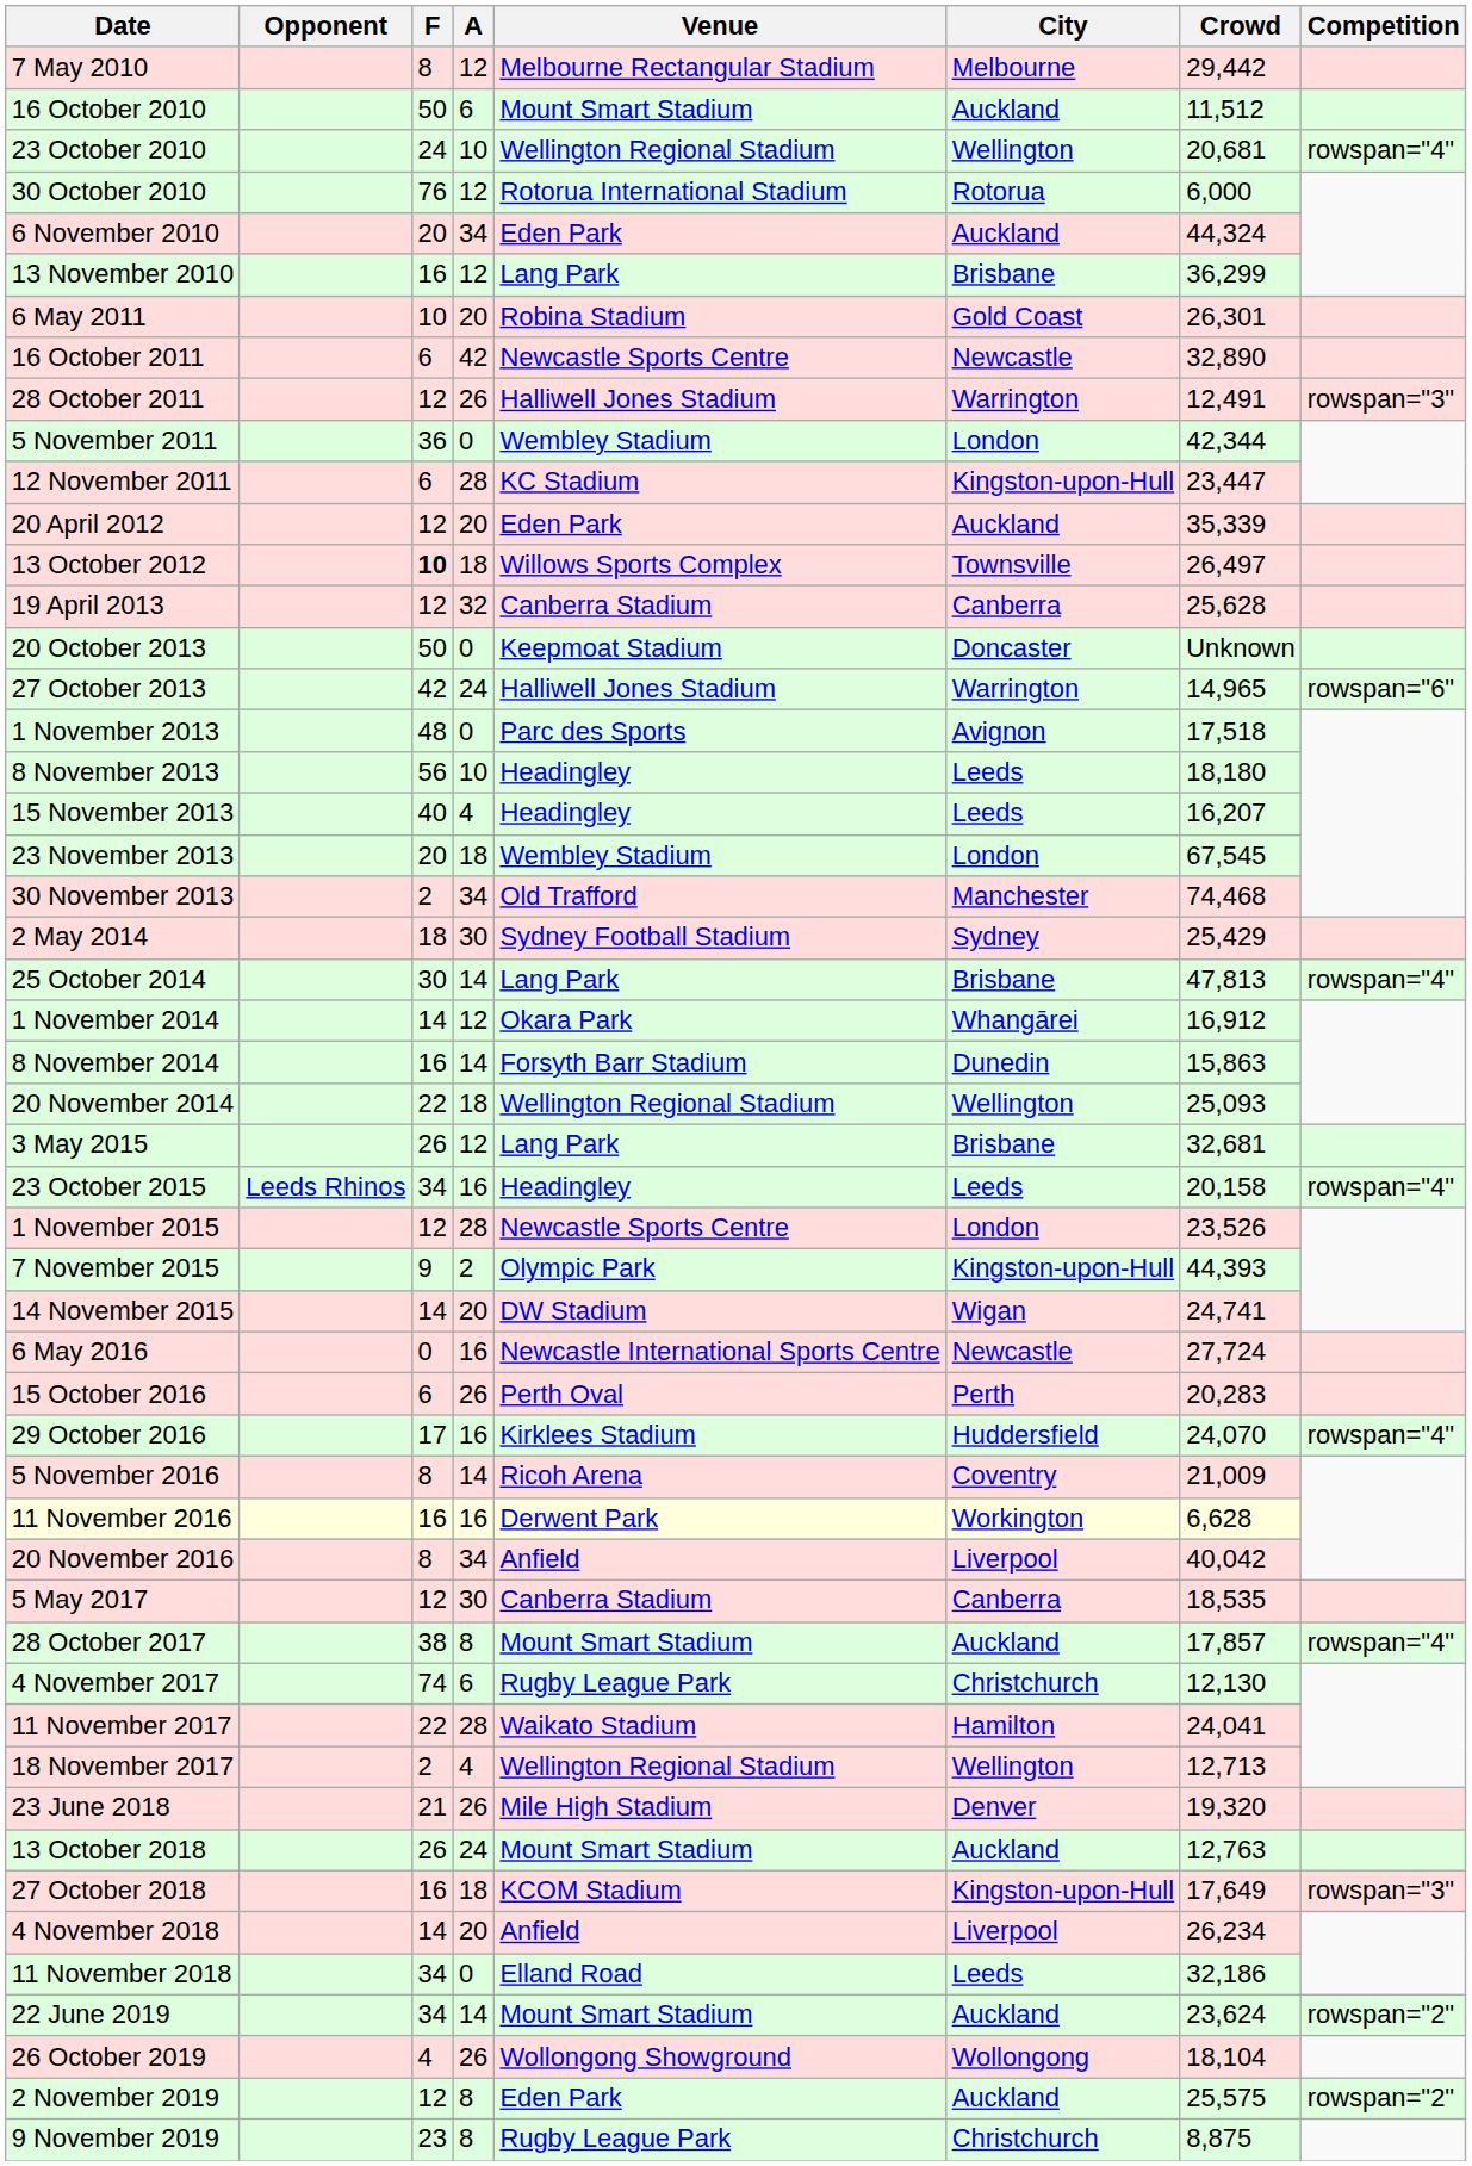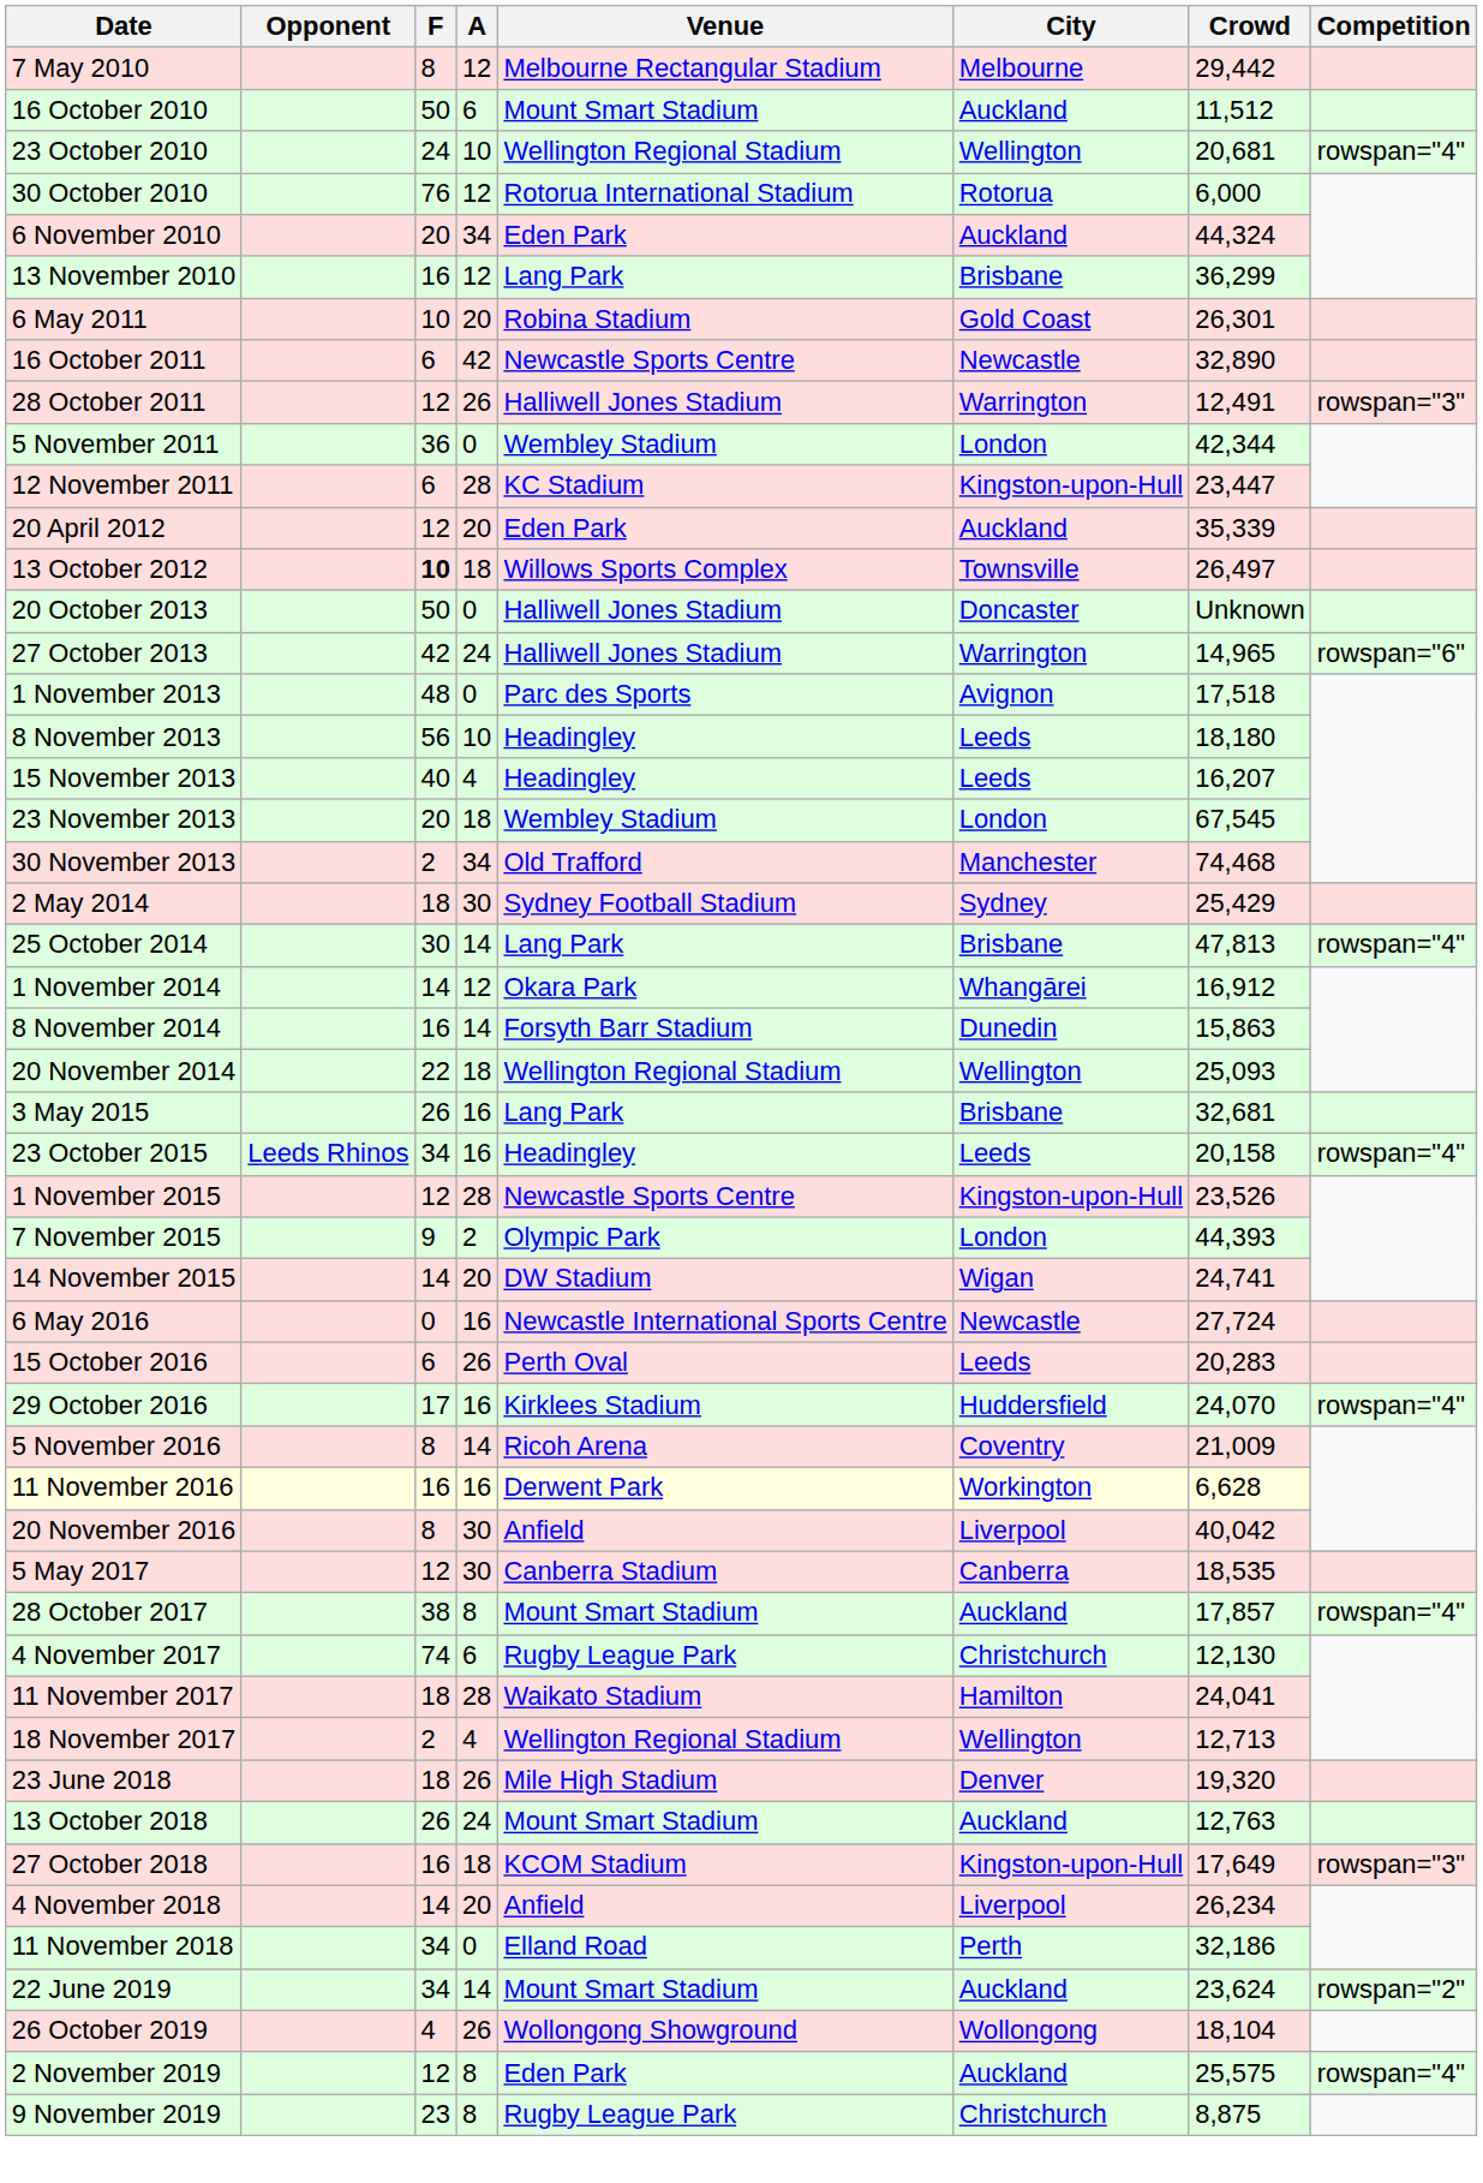 <table class="wikitable sortable">
 <tr>
 <th>Date</th>
 <th>Opponent</th>
 <th>F</th>
 <th>A</th>
 <th>Venue</th>
 <th>City</th>
 <th>Crowd</th>
 <th>Competition</th>
 </tr>
 <tr style="background:#ffdddd;">
 <td>7 May 2010</td>
 <td></td>
 <td>8</td>
 <td>12</td>
 <td><a href='#'>Melbourne Rectangular Stadium</a></td>
 <td><a href='#'>Melbourne</a></td>
 <td>29,442</td>
 <td></td>
 </tr>
 <tr style="background:#ddffdd;">
 <td>16 October 2010</td>
 <td></td>
 <td>50</td>
 <td>6</td>
 <td><a href='#'>Mount Smart Stadium</a></td>
 <td><a href='#'>Auckland</a></td>
 <td>11,512</td>
 <td></td>
 </tr>
 <tr style="background:#ddffdd;">
 <td>23 October 2010</td>
 <td></td>
 <td>24</td>
 <td>10</td>
 <td><a href='#'>Wellington Regional Stadium</a></td>
 <td><a href='#'>Wellington</a></td>
 <td>20,681</td>
 <td>rowspan="4" </td>
 </tr>
 <tr style="background:#ddffdd;">
 <td>30 October 2010</td>
 <td></td>
 <td>76</td>
 <td>12</td>
 <td><a href='#'>Rotorua International Stadium</a></td>
 <td><a href='#'>Rotorua</a></td>
 <td>6,000</td>
 </tr>
 <tr style="background:#ffdddd;">
 <td>6 November 2010</td>
 <td></td>
 <td>20</td>
 <td>34</td>
 <td><a href='#'>Eden Park</a></td>
 <td><a href='#'>Auckland</a></td>
 <td>44,324</td>
 </tr>
 <tr style="background:#ddffdd;">
 <td>13 November 2010</td>
 <td></td>
 <td>16</td>
 <td>12</td>
 <td><a href='#'>Lang Park</a></td>
 <td><a href='#'>Brisbane</a></td>
 <td>36,299</td>
 </tr>
 <tr style="background:#ffdddd;">
 <td>6 May 2011</td>
 <td></td>
 <td>10</td>
 <td>20</td>
 <td><a href='#'>Robina Stadium</a></td>
 <td><a href='#'>Gold Coast</a></td>
 <td>26,301</td>
 <td></td>
 </tr>
 <tr style="background:#ffdddd;">
 <td>16 October 2011</td>
 <td></td>
 <td>6</td>
 <td>42</td>
 <td><a href='#'>Newcastle Sports Centre</a></td>
 <td><a href='#'>Newcastle</a></td>
 <td>32,890</td>
 <td></td>
 </tr>
 <tr style="background:#ffdddd;">
 <td>28 October 2011</td>
 <td></td>
 <td>12</td>
 <td>26</td>
 <td><a href='#'>Halliwell Jones Stadium</a></td>
 <td><a href='#'>Warrington</a></td>
 <td>12,491</td>
 <td>rowspan="3" </td>
 </tr>
 <tr style="background:#ddffdd;">
 <td>5 November 2011</td>
 <td></td>
 <td>36</td>
 <td>0</td>
 <td><a href='#'>Wembley Stadium</a></td>
 <td><a href='#'>London</a></td>
 <td>42,344</td>
 </tr>
 <tr style="background:#ffdddd;">
 <td>12 November 2011</td>
 <td></td>
 <td>6</td>
 <td>28</td>
 <td><a href='#'>KC Stadium</a></td>
 <td><a href='#'>Kingston-upon-Hull</a></td>
 <td>23,447</td>
 </tr>
 <tr style="background:#ffdddd;">
 <td>20 April 2012</td>
 <td></td>
 <td>12</td>
 <td>20</td>
 <td><a href='#'>Eden Park</a></td>
 <td><a href='#'>Auckland</a></td>
 <td>35,339</td>
 <td></td>
 </tr>
 <tr style="background:#ffdddd;">
 <td>13 October 2012</td>
 <td></td>
 <td><strong>10</strong></td>
 <td>18</td>
 <td><a href='#'>Willows Sports Complex</a></td>
 <td><a href='#'>Townsville</a></td>
 <td>26,497</td>
 <td></td>
 </tr>
-<tr style="background:#ffdddd;">
-<td>19 April 2013</td>
-<td></td>
-<td>12</td>
-<td>32</td>
-<td><a href='#'>Canberra Stadium</a></td>
-<td><a href='#'>Canberra</a></td>
-<td>25,628</td>
-<td></td>
-</tr>
 <tr style="background:#ddffdd;">
 <td>20 October 2013</td>
 <td></td>
 <td>50</td>
 <td>0</td>
-<td><a href='#'>Keepmoat Stadium</a></td>
+<td><a href='#'>Halliwell Jones Stadium</a></td>
 <td><a href='#'>Doncaster</a></td>
 <td>Unknown</td>
 <td></td>
 </tr>
 <tr style="background:#ddffdd;">
 <td>27 October 2013</td>
 <td></td>
 <td>42</td>
 <td>24</td>
 <td><a href='#'>Halliwell Jones Stadium</a></td>
 <td><a href='#'>Warrington</a></td>
 <td>14,965</td>
 <td>rowspan="6" </td>
 </tr>
 <tr style="background:#ddffdd;">
 <td>1 November 2013</td>
 <td></td>
 <td>48</td>
 <td>0</td>
 <td><a href='#'>Parc des Sports</a></td>
 <td><a href='#'>Avignon</a></td>
 <td>17,518</td>
 </tr>
 <tr style="background:#ddffdd;">
 <td>8 November 2013</td>
 <td></td>
 <td>56</td>
 <td>10</td>
 <td><a href='#'>Headingley</a></td>
 <td><a href='#'>Leeds</a></td>
 <td>18,180</td>
 </tr>
 <tr style="background:#ddffdd;">
 <td>15 November 2013</td>
 <td></td>
 <td>40</td>
 <td>4</td>
 <td><a href='#'>Headingley</a></td>
 <td><a href='#'>Leeds</a></td>
 <td>16,207</td>
 </tr>
 <tr style="background:#ddffdd;">
 <td>23 November 2013</td>
 <td></td>
 <td>20</td>
 <td>18</td>
 <td><a href='#'>Wembley Stadium</a></td>
 <td><a href='#'>London</a></td>
 <td>67,545</td>
 </tr>
 <tr style="background:#ffdddd;">
 <td>30 November 2013</td>
 <td></td>
 <td>2</td>
 <td>34</td>
 <td><a href='#'>Old Trafford</a></td>
 <td><a href='#'>Manchester</a></td>
 <td>74,468</td>
 </tr>
 <tr style="background:#ffdddd">
 <td>2 May 2014</td>
 <td></td>
 <td>18</td>
 <td>30</td>
 <td><a href='#'>Sydney Football Stadium</a></td>
 <td><a href='#'>Sydney</a></td>
 <td>25,429</td>
 <td></td>
 </tr>
 <tr style="background:#ddffdd;">
 <td>25 October 2014</td>
 <td></td>
 <td>30</td>
 <td>14</td>
 <td><a href='#'>Lang Park</a></td>
 <td><a href='#'>Brisbane</a></td>
 <td>47,813</td>
 <td>rowspan="4" </td>
 </tr>
 <tr style="background:#ddffdd;">
 <td>1 November 2014</td>
 <td></td>
 <td>14</td>
 <td>12</td>
 <td><a href='#'>Okara Park</a></td>
 <td><a href='#'>Whangārei</a></td>
 <td>16,912</td>
 </tr>
 <tr style="background:#ddffdd;">
 <td>8 November 2014</td>
 <td></td>
 <td>16</td>
 <td>14</td>
 <td><a href='#'>Forsyth Barr Stadium</a></td>
 <td><a href='#'>Dunedin</a></td>
 <td>15,863</td>
 </tr>
 <tr style="background:#ddffdd;">
 <td>20 November 2014</td>
 <td></td>
 <td>22</td>
 <td>18</td>
 <td><a href='#'>Wellington Regional Stadium</a></td>
 <td><a href='#'>Wellington</a></td>
 <td>25,093</td>
 </tr>
 <tr style="background:#ddffdd;">
 <td>3 May 2015</td>
 <td></td>
 <td>26</td>
-<td>12</td>
+<td>16</td>
 <td><a href='#'>Lang Park</a></td>
 <td><a href='#'>Brisbane</a></td>
 <td>32,681</td>
 <td></td>
 </tr>
 <tr style="background:#ddffdd;">
 <td>23 October 2015</td>
 <td> <a href='#'>Leeds Rhinos</a></td>
 <td>34</td>
 <td>16</td>
 <td><a href='#'>Headingley</a></td>
 <td><a href='#'>Leeds</a></td>
 <td>20,158</td>
 <td>rowspan="4" </td>
 </tr>
 <tr style="background:#ffdddd;">
 <td>1 November 2015</td>
 <td></td>
 <td>12</td>
 <td>28</td>
 <td><a href='#'>Newcastle Sports Centre</a></td>
-<td><a href='#'>London</a></td>
+<td><a href='#'>Kingston-upon-Hull</a></td>
 <td>23,526</td>
 </tr>
 <tr style="background:#ddffdd;">
 <td>7 November 2015</td>
 <td></td>
 <td>9</td>
 <td>2</td>
 <td><a href='#'>Olympic Park</a></td>
-<td><a href='#'>Kingston-upon-Hull</a></td>
+<td><a href='#'>London</a></td>
 <td>44,393</td>
 </tr>
 <tr style="background:#ffdddd;">
 <td>14 November 2015</td>
 <td></td>
 <td>14</td>
 <td>20</td>
 <td><a href='#'>DW Stadium</a></td>
 <td><a href='#'>Wigan</a></td>
 <td>24,741</td>
 </tr>
 <tr style="background:#ffdddd;">
 <td>6 May 2016</td>
 <td></td>
 <td>0</td>
 <td>16</td>
 <td><a href='#'>Newcastle International Sports Centre</a></td>
 <td><a href='#'>Newcastle</a></td>
 <td>27,724</td>
 <td></td>
 </tr>
 <tr style="background:#ffdddd;">
 <td>15 October 2016</td>
 <td></td>
 <td>6</td>
 <td>26</td>
 <td><a href='#'>Perth Oval</a></td>
-<td><a href='#'>Perth</a></td>
+<td><a href='#'>Leeds</a></td>
 <td>20,283</td>
 <td></td>
 </tr>
 <tr style="background:#ddffdd;">
 <td>29 October 2016</td>
 <td></td>
 <td>17</td>
 <td>16</td>
 <td><a href='#'>Kirklees Stadium</a></td>
 <td><a href='#'>Huddersfield</a></td>
 <td>24,070</td>
 <td>rowspan="4" </td>
 </tr>
 <tr style="background:#ffdddd;">
 <td>5 November 2016</td>
 <td></td>
 <td>8</td>
 <td>14</td>
 <td><a href='#'>Ricoh Arena</a></td>
 <td><a href='#'>Coventry</a></td>
 <td>21,009</td>
 </tr>
 <tr style="background:#ffffdd;">
 <td>11 November 2016</td>
 <td></td>
 <td>16</td>
 <td>16</td>
 <td><a href='#'>Derwent Park</a></td>
 <td><a href='#'>Workington</a></td>
 <td>6,628</td>
 </tr>
 <tr style="background:#ffdddd;">
 <td>20 November 2016</td>
 <td></td>
 <td>8</td>
-<td>34</td>
+<td>30</td>
 <td><a href='#'>Anfield</a></td>
 <td><a href='#'>Liverpool</a></td>
 <td>40,042</td>
 </tr>
 <tr style="background:#ffdddd;">
 <td>5 May 2017</td>
 <td></td>
 <td>12</td>
 <td>30</td>
 <td><a href='#'>Canberra Stadium</a></td>
 <td><a href='#'>Canberra</a></td>
 <td>18,535</td>
 <td></td>
 </tr>
 <tr style="background:#ddffdd;">
 <td>28 October 2017</td>
 <td></td>
 <td>38</td>
 <td>8</td>
 <td><a href='#'>Mount Smart Stadium</a></td>
 <td><a href='#'>Auckland</a></td>
 <td>17,857</td>
 <td>rowspan="4" </td>
 </tr>
 <tr style="background:#ddffdd;">
 <td>4 November 2017</td>
 <td></td>
 <td>74</td>
 <td>6</td>
 <td><a href='#'>Rugby League Park</a></td>
 <td><a href='#'>Christchurch</a></td>
 <td>12,130</td>
 </tr>
 <tr style="background:#ffdddd;">
 <td>11 November 2017</td>
 <td></td>
-<td>22</td>
+<td>18</td>
 <td>28</td>
 <td><a href='#'>Waikato Stadium</a></td>
 <td><a href='#'>Hamilton</a></td>
 <td>24,041</td>
 </tr>
 <tr style="background:#ffdddd;">
 <td>18 November 2017</td>
 <td></td>
 <td>2</td>
 <td>4</td>
 <td><a href='#'>Wellington Regional Stadium</a></td>
 <td><a href='#'>Wellington</a></td>
 <td>12,713</td>
 </tr>
 <tr style="background:#ffdddd;">
 <td>23 June 2018</td>
 <td></td>
-<td>21</td>
+<td>18</td>
 <td>26</td>
 <td><a href='#'>Mile High Stadium</a></td>
 <td><a href='#'>Denver</a></td>
 <td>19,320</td>
 <td></td>
 </tr>
 <tr style="background:#ddffdd;">
 <td>13 October 2018</td>
 <td></td>
 <td>26</td>
 <td>24</td>
 <td><a href='#'>Mount Smart Stadium</a></td>
 <td><a href='#'>Auckland</a></td>
 <td>12,763</td>
 <td></td>
 </tr>
 <tr style="background:#ffdddd;">
 <td>27 October 2018</td>
 <td></td>
 <td>16</td>
 <td>18</td>
 <td><a href='#'>KCOM Stadium</a></td>
 <td><a href='#'>Kingston-upon-Hull</a></td>
 <td>17,649</td>
 <td>rowspan="3" </td>
 </tr>
 <tr style="background:#ffdddd;">
 <td>4 November 2018</td>
 <td></td>
 <td>14</td>
 <td>20</td>
 <td><a href='#'>Anfield</a></td>
 <td><a href='#'>Liverpool</a></td>
 <td>26,234</td>
 </tr>
 <tr style="background:#ddffdd;">
 <td>11 November 2018</td>
 <td></td>
 <td>34</td>
 <td>0</td>
 <td><a href='#'>Elland Road</a></td>
-<td><a href='#'>Leeds</a></td>
+<td><a href='#'>Perth</a></td>
 <td>32,186</td>
 </tr>
 <tr style="background:#ddffdd;">
 <td>22 June 2019</td>
 <td></td>
 <td>34</td>
 <td>14</td>
 <td><a href='#'>Mount Smart Stadium</a></td>
 <td><a href='#'>Auckland</a></td>
 <td>23,624</td>
 <td>rowspan="2" </td>
 </tr>
 <tr style="background:#ffdddd;">
 <td>26 October 2019</td>
 <td></td>
 <td>4</td>
 <td>26</td>
 <td><a href='#'>Wollongong Showground</a></td>
 <td><a href='#'>Wollongong</a></td>
 <td>18,104</td>
 </tr>
 <tr style="background:#ddffdd;">
 <td>2 November 2019</td>
 <td></td>
 <td>12</td>
 <td>8</td>
 <td><a href='#'>Eden Park</a></td>
 <td><a href='#'>Auckland</a></td>
 <td>25,575</td>
-<td>rowspan="2" </td>
+<td>rowspan="4" </td>
 </tr>
 <tr style="background:#ddffdd;">
 <td>9 November 2019</td>
 <td></td>
 <td>23</td>
 <td>8</td>
 <td><a href='#'>Rugby League Park</a></td>
 <td><a href='#'>Christchurch</a></td>
 <td>8,875</td>
 </tr>
 </table>
